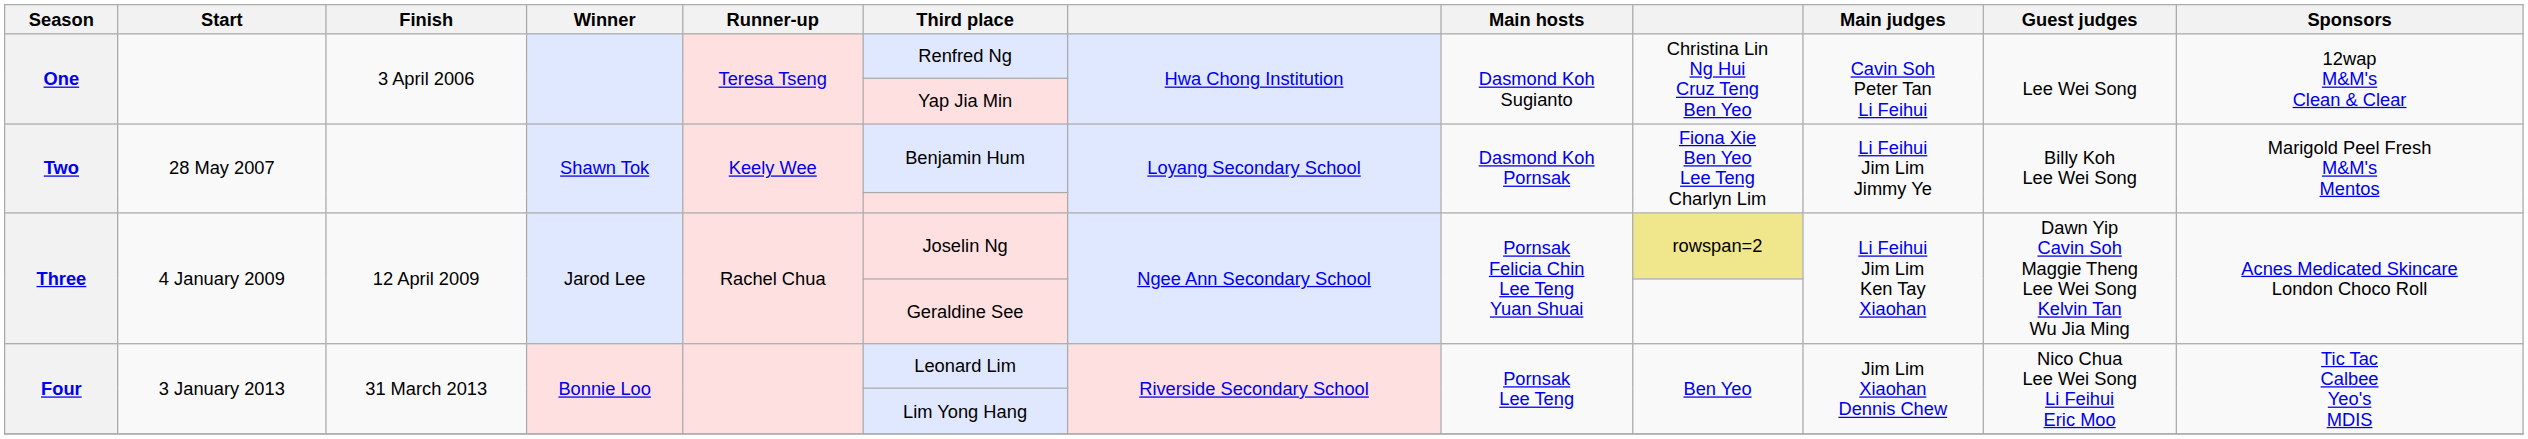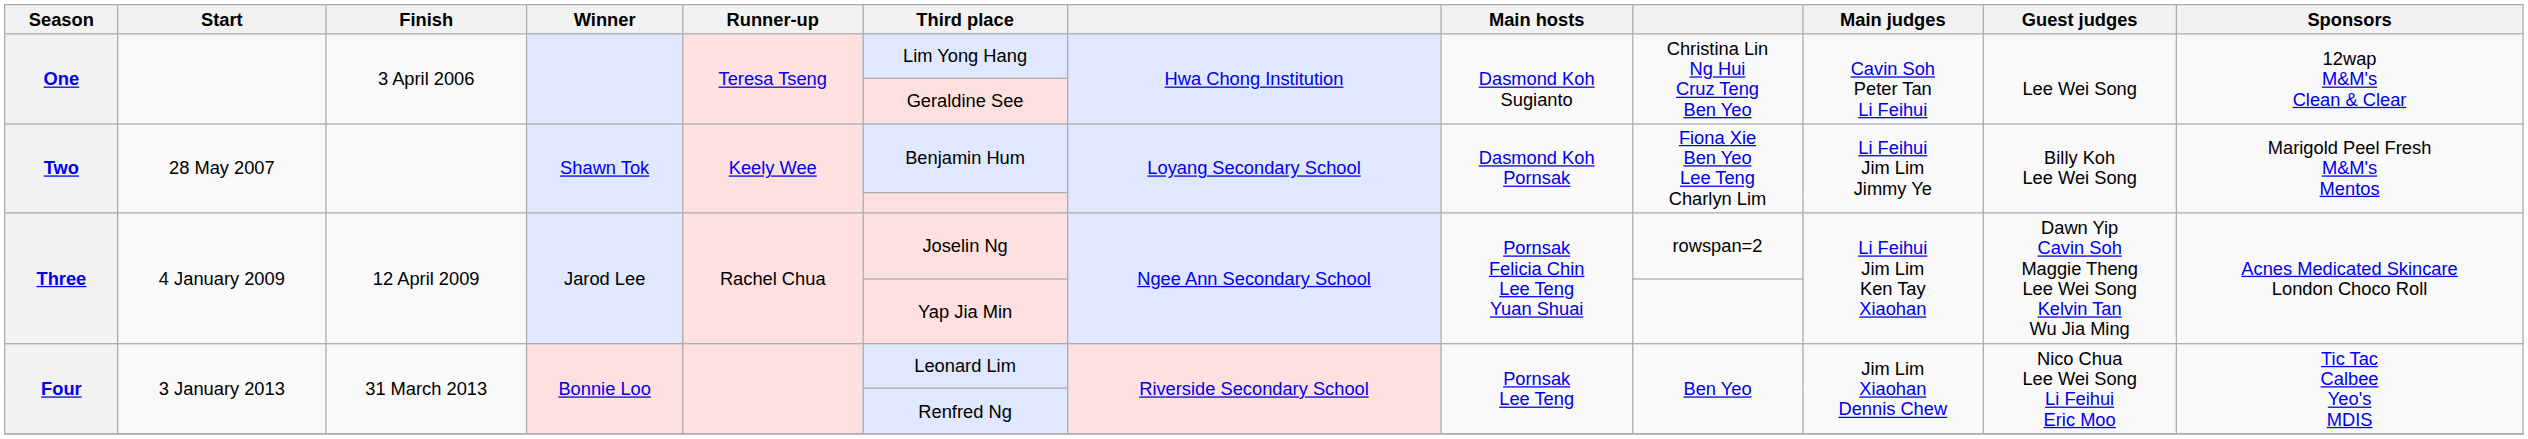 <table class="wikitable" style="text-align:center; font-size:90%; line-height:16px; width:100%;">
 <tr>
 <th scope="col">Season</th>
 <th scope="col">Start</th>
 <th scope="col">Finish</th>
 <th scope="col">Winner</th>
 <th scope="col">Runner-up</th>
 <th scope="col">Third place</th>
 <th scope="col"></th>
 <th scope="col">Main hosts</th>
 <th scope="col"></th>
 <th scope="col">Main judges</th>
 <th scope="col">Guest judges</th>
 <th scope="col">Sponsors</th>
 </tr>
 <tr>
 <th rowspan=2 scope="row"><a href='#'>One</a></th>
 <td rowspan=2></td>
 <td rowspan=2>3 April 2006</td>
 <td rowspan=2 style="background:#E0E8FF;"></td>
 <td rowspan=2 style="background:#FFE0E0;"><a href='#'>Teresa Tseng</a></td>
-<td style="background:#E0E8FF;">Renfred Ng</td>
+<td style="background:#E0E8FF;">Lim Yong Hang</td>
 <td rowspan=2 style="background:#E0E8FF;"><a href='#'>Hwa Chong Institution</a></td>
 <td rowspan=2><br><a href='#'>Dasmond Koh</a><br>Sugianto</td>
 <td rowspan=2>Christina Lin<br><a href='#'>Ng Hui</a><br><a href='#'>Cruz Teng</a><br><a href='#'>Ben Yeo</a></td>
 <td rowspan=2><br><a href='#'>Cavin Soh</a><br>Peter Tan<br><a href='#'>Li Feihui</a></td>
 <td rowspan=2><br>Lee Wei Song</td>
 <td rowspan=2>12wap<br><a href='#'>M&M's</a><br><a href='#'>Clean & Clear</a></td>
 </tr>
 <tr>
-<td style="background:#FFE0E0;">Yap Jia Min</td>
+<td style="background:#FFE0E0;">Geraldine See</td>
 </tr>
 <tr>
 <th rowspan=2 scope="row"><a href='#'>Two</a></th>
 <td rowspan=2>28 May 2007</td>
 <td rowspan=2></td>
 <td rowspan=2 style="background:#E0E8FF;"><a href='#'>Shawn Tok</a></td>
 <td rowspan=2 style="background:#FFE0E0;"><a href='#'>Keely Wee</a></td>
 <td style="background:#E0E8FF;">Benjamin Hum</td>
 <td rowspan=2 style="background:#E0E8FF;"><a href='#'>Loyang Secondary School</a></td>
 <td rowspan=2><a href='#'>Dasmond Koh</a><br><a href='#'>Pornsak</a></td>
 <td rowspan=2><a href='#'>Fiona Xie</a><br><a href='#'>Ben Yeo</a><br><a href='#'>Lee Teng</a><br>Charlyn Lim</td>
 <td rowspan=2><a href='#'>Li Feihui</a><br>Jim Lim<br>Jimmy Ye</td>
 <td rowspan=2>Billy Koh<br>Lee Wei Song</td>
 <td rowspan=2>Marigold Peel Fresh<br><a href='#'>M&M's</a><br><a href='#'>Mentos</a><br></td>
 </tr>
 <tr>
 <td style="background:#FFE0E0;"></td>
 </tr>
 <tr>
 <th rowspan=2 scope="row"><a href='#'>Three</a></th>
 <td rowspan=2>4 January 2009</td>
 <td rowspan=2>12 April 2009</td>
 <td rowspan=2 style="background:#E0E8FF;">Jarod Lee</td>
 <td rowspan=2 style="background:#FFE0E0;">Rachel Chua</td>
 <td style="background:#FFE0E0;">Joselin Ng</td>
 <td rowspan=2 style="background:#E0E8FF;"><a href='#'>Ngee Ann Secondary School</a></td>
 <td rowspan=2><a href='#'>Pornsak</a><br><a href='#'>Felicia Chin</a><br><a href='#'>Lee Teng</a><br><a href='#'>Yuan Shuai</a></td>
-<td style="background: khaki;">rowspan=2  </td>
+<td>rowspan=2  </td>
 <td rowspan=2><a href='#'>Li Feihui</a><br>Jim Lim<br>Ken Tay<br><a href='#'>Xiaohan</a></td>
 <td rowspan=2>Dawn Yip<br><a href='#'>Cavin Soh</a><br>Maggie Theng<br>Lee Wei Song<br><a href='#'>Kelvin Tan</a><br>Wu Jia Ming</td>
 <td rowspan=2><a href='#'>Acnes Medicated Skincare</a><br>London Choco Roll</td>
 </tr>
 <tr>
-<td style="background:#FFE0E0;">Geraldine See</td>
+<td style="background:#FFE0E0;">Yap Jia Min</td>
 </tr>
 <tr>
 <th rowspan=2 scope="row"><a href='#'>Four</a></th>
 <td rowspan=2>3 January 2013</td>
 <td rowspan=2>31 March 2013</td>
 <td rowspan=2 style="background:#FFE0E0;"><a href='#'>Bonnie Loo</a></td>
 <td rowspan=2 style="background:#FFE0E0;"></td>
 <td style="background:#E0E8FF;">Leonard Lim</td>
 <td rowspan=2 style="background:#FFE0E0;"><a href='#'>Riverside Secondary School</a></td>
 <td rowspan=2><a href='#'>Pornsak</a><br><a href='#'>Lee Teng</a></td>
 <td rowspan=2><a href='#'>Ben Yeo</a></td>
 <td rowspan=2>Jim Lim<br><a href='#'>Xiaohan</a><br><a href='#'>Dennis Chew</a></td>
 <td rowspan=2>Nico Chua<br>Lee Wei Song<br><a href='#'>Li Feihui</a><br><a href='#'>Eric Moo</a></td>
 <td rowspan=2><a href='#'>Tic Tac</a><br><a href='#'>Calbee</a><br><a href='#'>Yeo's</a><br><a href='#'>MDIS</a></td>
 </tr>
 <tr>
-<td style="background:#E0E8FF;">Lim Yong Hang</td>
+<td style="background:#E0E8FF;">Renfred Ng</td>
 </tr>
 <tr>
 </tr>
 </table>
